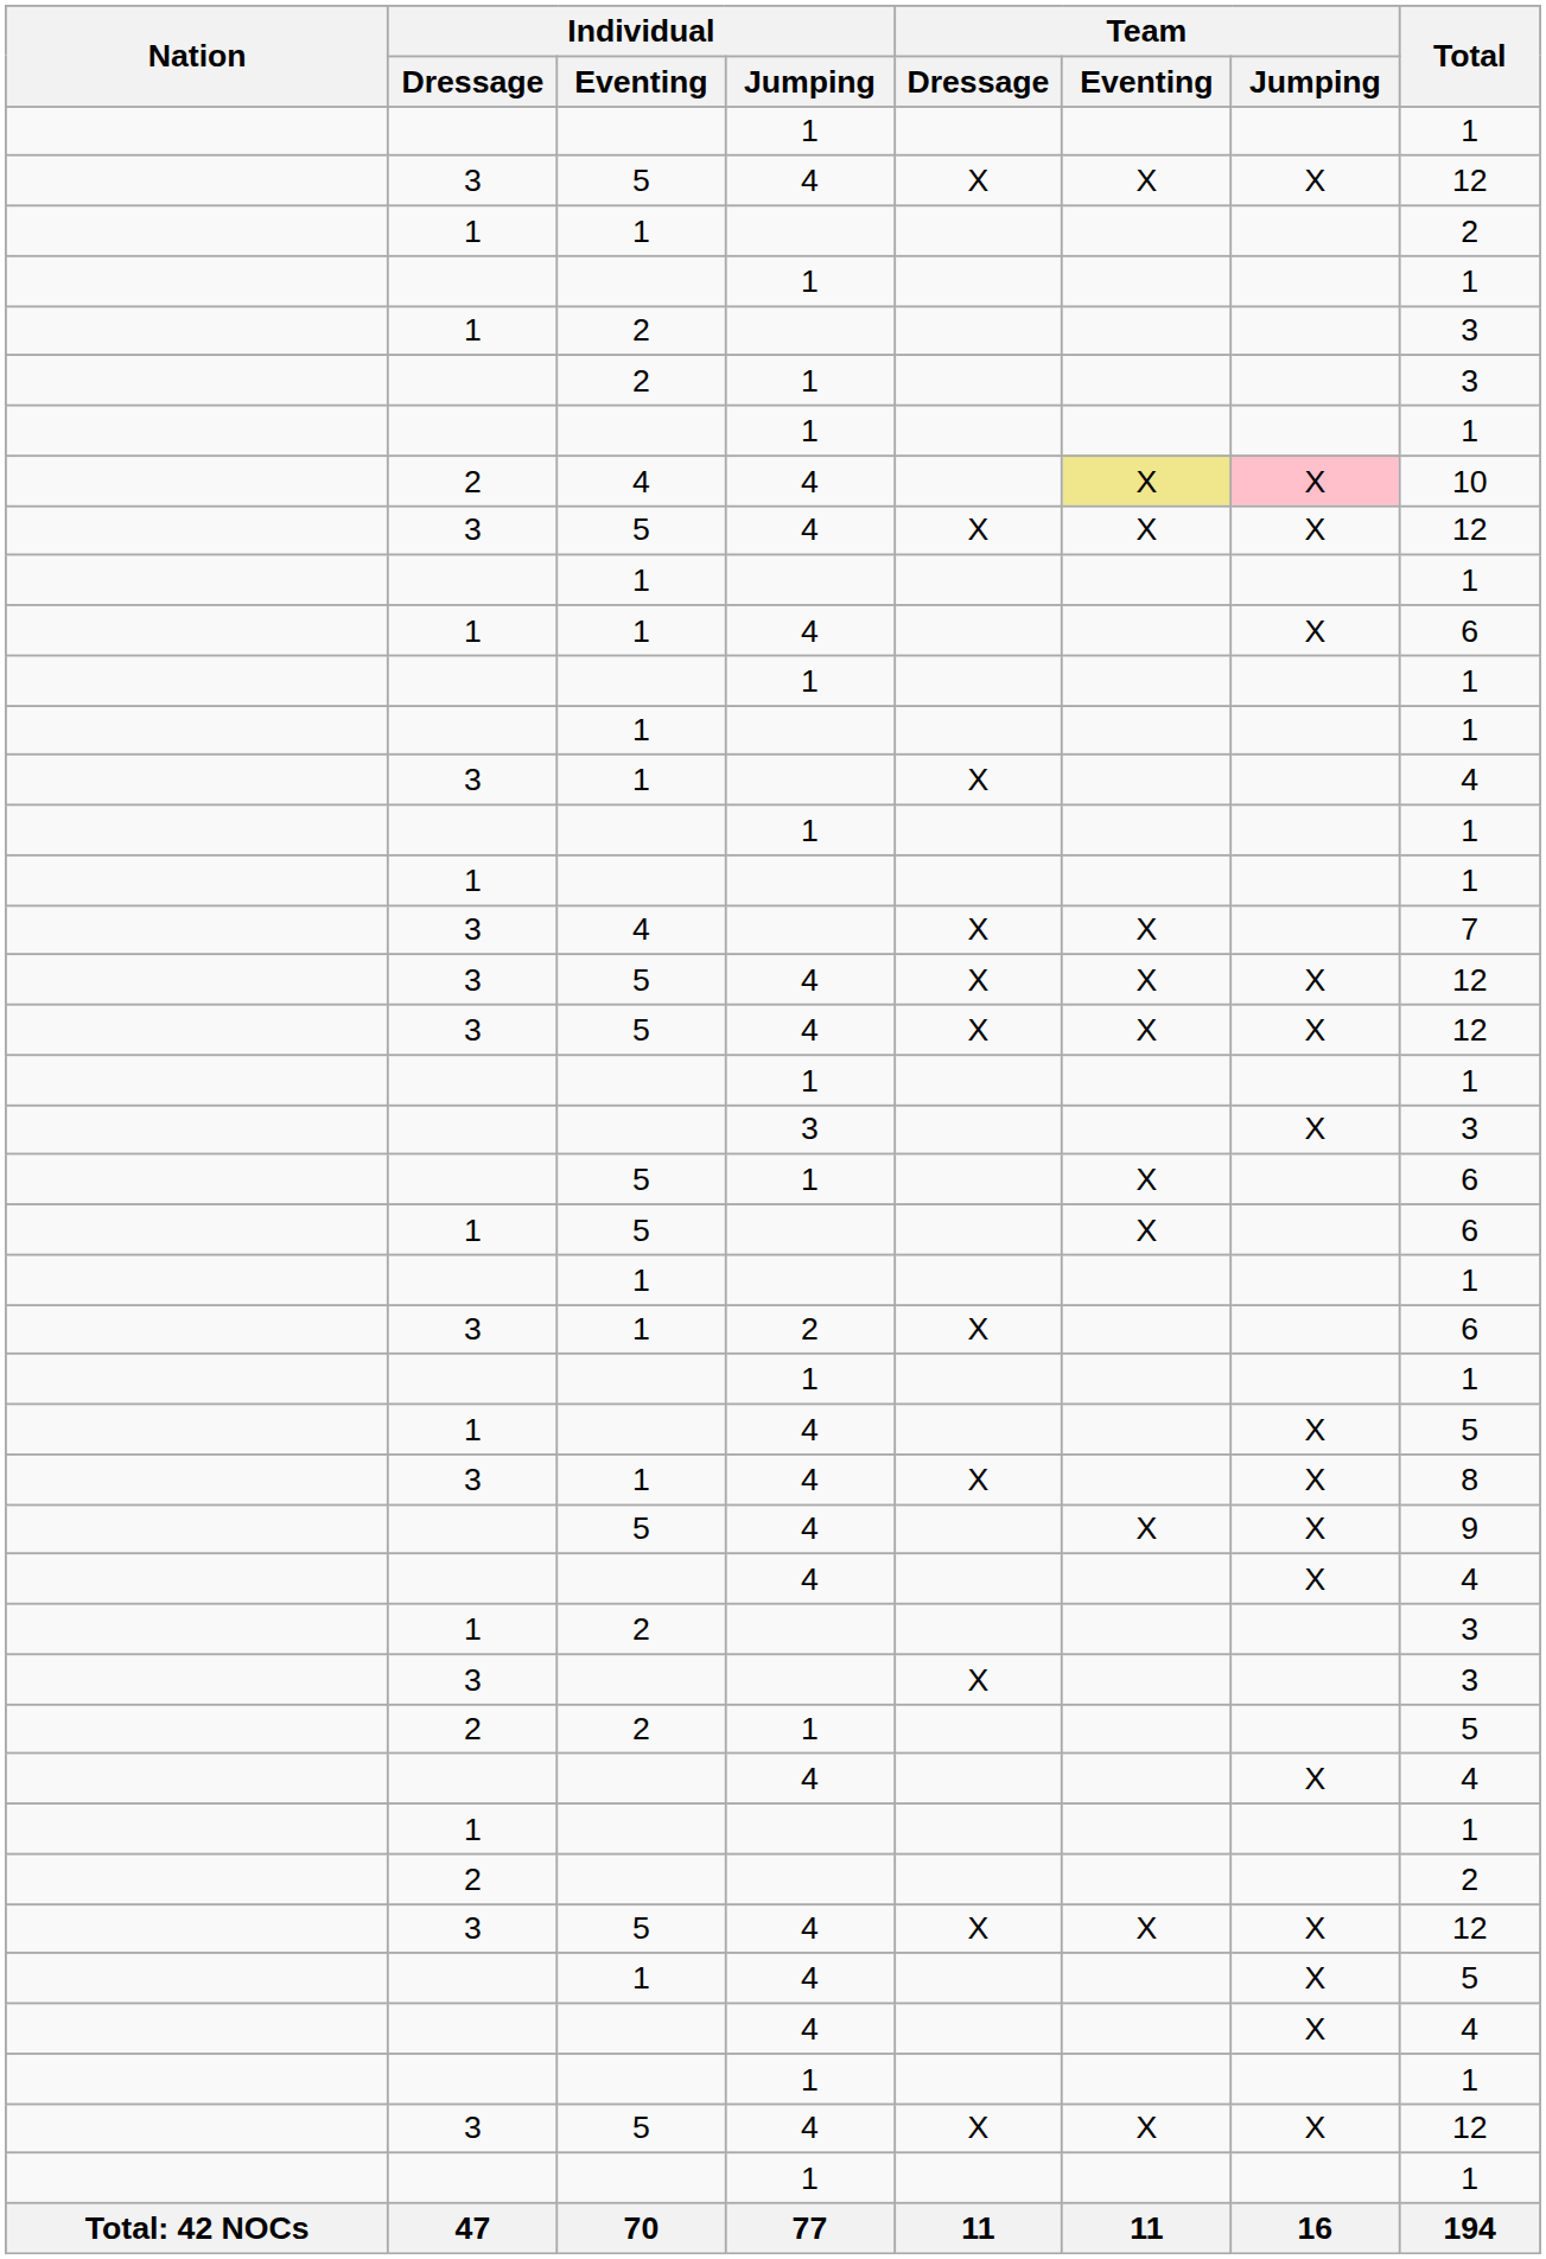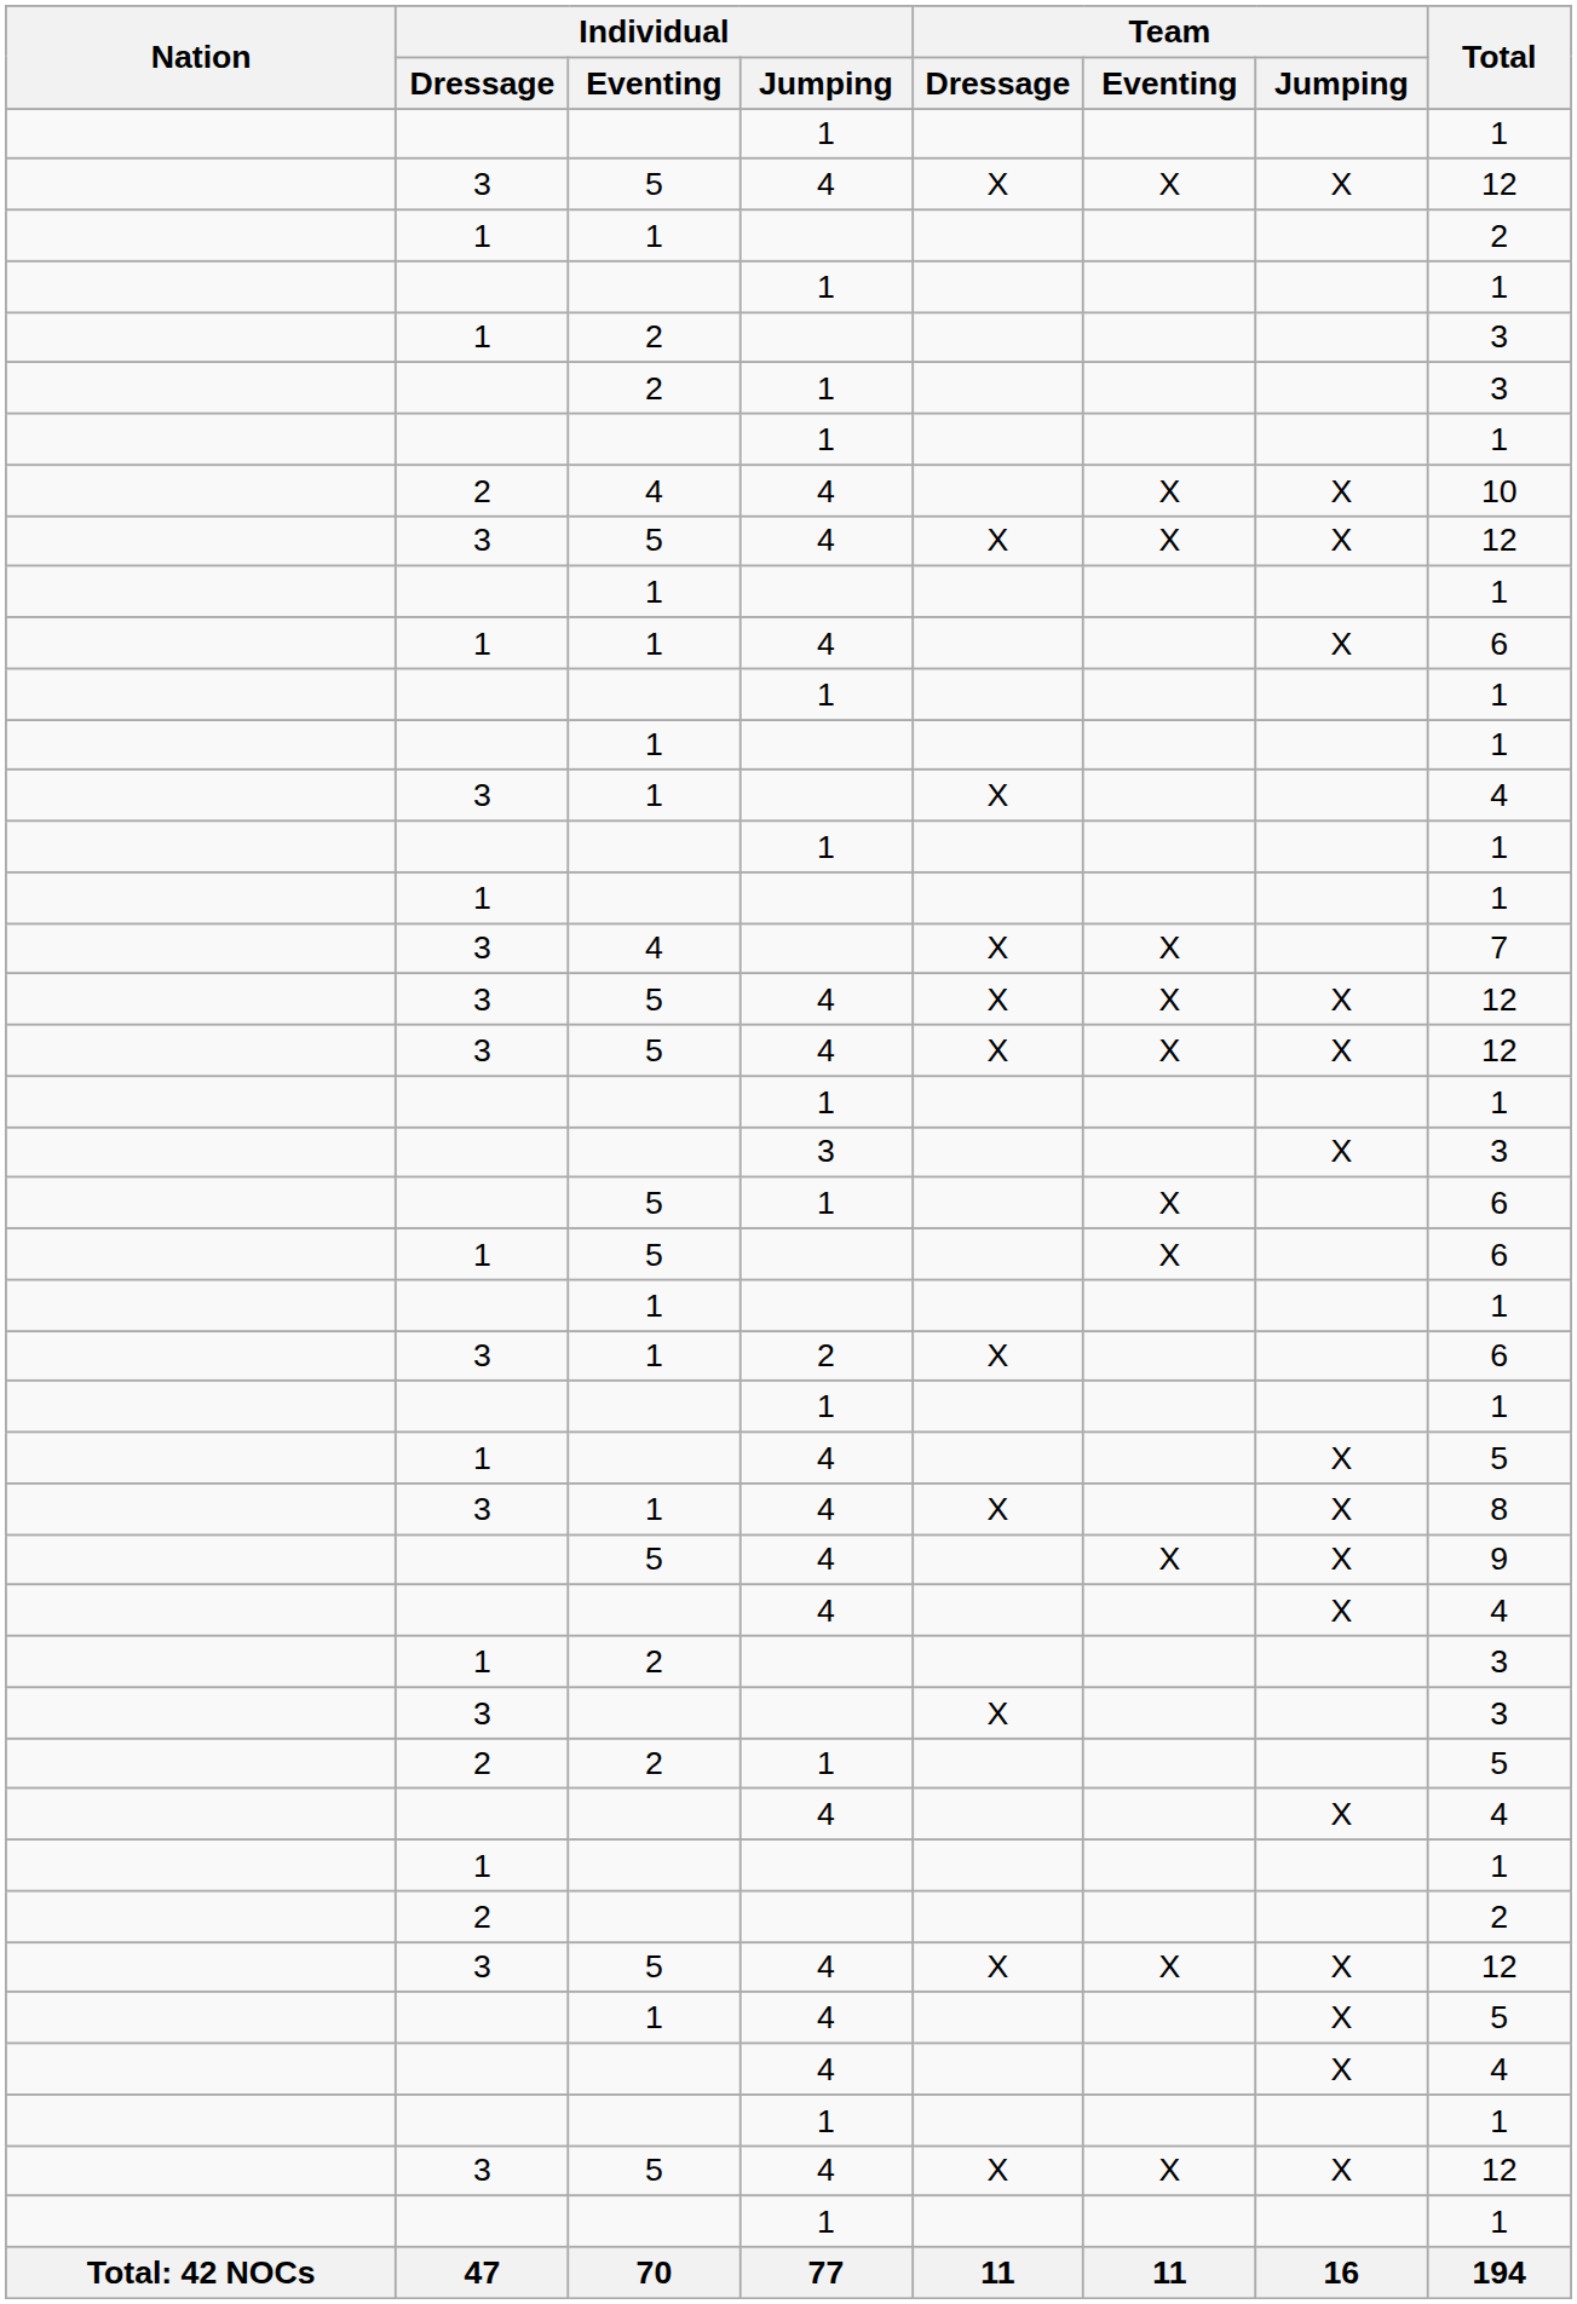 <table class="wikitable" width=700 style="text-align:center; font-size:90%">
 <tr>
 <th rowspan="2" align="left">Nation</th>
 <th colspan="3">Individual</th>
 <th colspan="3">Team</th>
 <th rowspan="2">Total</th>
 </tr>
 <tr>
 <th width=70>Dressage</th>
 <th width=70>Eventing</th>
 <th width=70>Jumping</th>
 <th width=70>Dressage</th>
 <th width=70>Eventing</th>
 <th width=70>Jumping</th>
 </tr>
 <tr>
 <td align=left></td>
 <td></td>
 <td></td>
 <td>1</td>
 <td></td>
 <td></td>
 <td></td>
 <td>1</td>
 </tr>
 <tr>
 <td align=left></td>
 <td>3</td>
 <td>5</td>
 <td>4</td>
 <td>X</td>
 <td>X</td>
 <td>X</td>
 <td>12</td>
 </tr>
 <tr>
 <td align=left></td>
 <td>1</td>
 <td>1</td>
 <td></td>
 <td></td>
 <td></td>
 <td></td>
 <td>2</td>
 </tr>
 <tr>
 <td align=left></td>
 <td></td>
 <td></td>
 <td>1</td>
 <td></td>
 <td></td>
 <td></td>
 <td>1</td>
 </tr>
 <tr>
 <td align=left></td>
 <td>1</td>
 <td>2</td>
 <td></td>
 <td></td>
 <td></td>
 <td></td>
 <td>3</td>
 </tr>
 <tr>
 <td align=left></td>
 <td></td>
 <td>2</td>
 <td>1</td>
 <td></td>
 <td></td>
 <td></td>
 <td>3</td>
 </tr>
 <tr>
 <td align=left></td>
 <td></td>
 <td></td>
 <td>1</td>
 <td></td>
 <td></td>
 <td></td>
 <td>1</td>
 </tr>
 <tr>
 <td align=left></td>
 <td>2</td>
 <td>4</td>
 <td>4</td>
 <td></td>
-<td style="background: khaki;">X</td>
-<td style="background: pink;">X</td>
+<td>X</td>
+<td>X</td>
 <td>10</td>
 </tr>
 <tr>
 <td align=left></td>
 <td>3</td>
 <td>5</td>
 <td>4</td>
 <td>X</td>
 <td>X</td>
 <td>X</td>
 <td>12</td>
 </tr>
 <tr>
 <td align=left></td>
 <td></td>
 <td>1</td>
 <td></td>
 <td></td>
 <td></td>
 <td></td>
 <td>1</td>
 </tr>
 <tr>
 <td align=left></td>
 <td>1</td>
 <td>1</td>
 <td>4</td>
 <td></td>
 <td></td>
 <td>X</td>
 <td>6</td>
 </tr>
 <tr>
 <td align=left></td>
 <td></td>
 <td></td>
 <td>1</td>
 <td></td>
 <td></td>
 <td></td>
 <td>1</td>
 </tr>
 <tr>
 <td align=left></td>
 <td></td>
 <td>1</td>
 <td></td>
 <td></td>
 <td></td>
 <td></td>
 <td>1</td>
 </tr>
 <tr>
 <td align=left></td>
 <td>3</td>
 <td>1</td>
 <td></td>
 <td>X</td>
 <td></td>
 <td></td>
 <td>4</td>
 </tr>
 <tr>
 <td align=left></td>
 <td></td>
 <td></td>
 <td>1</td>
 <td></td>
 <td></td>
 <td></td>
 <td>1</td>
 </tr>
 <tr>
 <td align=left></td>
 <td>1</td>
 <td></td>
 <td></td>
 <td></td>
 <td></td>
 <td></td>
 <td>1</td>
 </tr>
 <tr>
 <td align=left></td>
 <td>3</td>
 <td>4</td>
 <td></td>
 <td>X</td>
 <td>X</td>
 <td></td>
 <td>7</td>
 </tr>
 <tr>
 <td align=left></td>
 <td>3</td>
 <td>5</td>
 <td>4</td>
 <td>X</td>
 <td>X</td>
 <td>X</td>
 <td>12</td>
 </tr>
 <tr>
 <td align=left></td>
 <td>3</td>
 <td>5</td>
 <td>4</td>
 <td>X</td>
 <td>X</td>
 <td>X</td>
 <td>12</td>
 </tr>
 <tr>
 <td align=left></td>
 <td></td>
 <td></td>
 <td>1</td>
 <td></td>
 <td></td>
 <td></td>
 <td>1</td>
 </tr>
 <tr>
 <td align=left></td>
 <td></td>
 <td></td>
 <td>3</td>
 <td></td>
 <td></td>
 <td>X</td>
 <td>3</td>
 </tr>
 <tr>
 <td align=left></td>
 <td></td>
 <td>5</td>
 <td>1</td>
 <td></td>
 <td>X</td>
 <td></td>
 <td>6</td>
 </tr>
 <tr>
 <td align=left></td>
 <td>1</td>
 <td>5</td>
 <td></td>
 <td></td>
 <td>X</td>
 <td></td>
 <td>6</td>
 </tr>
 <tr>
 <td align=left></td>
 <td></td>
 <td>1</td>
 <td></td>
 <td></td>
 <td></td>
 <td></td>
 <td>1</td>
 </tr>
 <tr>
 <td align=left></td>
 <td>3</td>
 <td>1</td>
 <td>2</td>
 <td>X</td>
 <td></td>
 <td></td>
 <td>6</td>
 </tr>
 <tr>
 <td align=left></td>
 <td></td>
 <td></td>
 <td>1</td>
 <td></td>
 <td></td>
 <td></td>
 <td>1</td>
 </tr>
 <tr>
 <td align=left></td>
 <td>1</td>
 <td></td>
 <td>4</td>
 <td></td>
 <td></td>
 <td>X</td>
 <td>5</td>
 </tr>
 <tr>
 <td align=left></td>
 <td>3</td>
 <td>1</td>
 <td>4</td>
 <td>X</td>
 <td></td>
 <td>X</td>
 <td>8</td>
 </tr>
 <tr>
 <td align=left></td>
 <td></td>
 <td>5</td>
 <td>4</td>
 <td></td>
 <td>X</td>
 <td>X</td>
 <td>9</td>
 </tr>
 <tr>
 <td align=left></td>
 <td></td>
 <td></td>
 <td>4</td>
 <td></td>
 <td></td>
 <td>X</td>
 <td>4</td>
 </tr>
 <tr>
 <td align=left></td>
 <td>1</td>
 <td>2</td>
 <td></td>
 <td></td>
 <td></td>
 <td></td>
 <td>3</td>
 </tr>
 <tr>
 <td align=left></td>
 <td>3</td>
 <td></td>
 <td></td>
 <td>X</td>
 <td></td>
 <td></td>
 <td>3</td>
 </tr>
 <tr>
 <td align=left></td>
 <td>2</td>
 <td>2</td>
 <td>1</td>
 <td></td>
 <td></td>
 <td></td>
 <td>5</td>
 </tr>
 <tr>
 <td align=left></td>
 <td></td>
 <td></td>
 <td>4</td>
 <td></td>
 <td></td>
 <td>X</td>
 <td>4</td>
 </tr>
 <tr>
 <td align=left></td>
 <td>1</td>
 <td></td>
 <td></td>
 <td></td>
 <td></td>
 <td></td>
 <td>1</td>
 </tr>
 <tr>
 <td align=left></td>
 <td>2</td>
 <td></td>
 <td></td>
 <td></td>
 <td></td>
 <td></td>
 <td>2</td>
 </tr>
 <tr>
 <td align=left></td>
 <td>3</td>
 <td>5</td>
 <td>4</td>
 <td>X</td>
 <td>X</td>
 <td>X</td>
 <td>12</td>
 </tr>
 <tr>
 <td align=left></td>
 <td></td>
 <td>1</td>
 <td>4</td>
 <td></td>
 <td></td>
 <td>X</td>
 <td>5</td>
 </tr>
 <tr>
 <td align=left></td>
 <td></td>
 <td></td>
 <td>4</td>
 <td></td>
 <td></td>
 <td>X</td>
 <td>4</td>
 </tr>
 <tr>
 <td align=left></td>
 <td></td>
 <td></td>
 <td>1</td>
 <td></td>
 <td></td>
 <td></td>
 <td>1</td>
 </tr>
 <tr>
 <td align=left></td>
 <td>3</td>
 <td>5</td>
 <td>4</td>
 <td>X</td>
 <td>X</td>
 <td>X</td>
 <td>12</td>
 </tr>
 <tr>
 <td align=left></td>
 <td></td>
 <td></td>
 <td>1</td>
 <td></td>
 <td></td>
 <td></td>
 <td>1</td>
 </tr>
 <tr>
 <th>Total: 42 NOCs</th>
 <th>47</th>
 <th>70</th>
 <th>77</th>
 <th>11</th>
 <th>11</th>
 <th>16</th>
 <th>194</th>
 </tr>
 </table>
